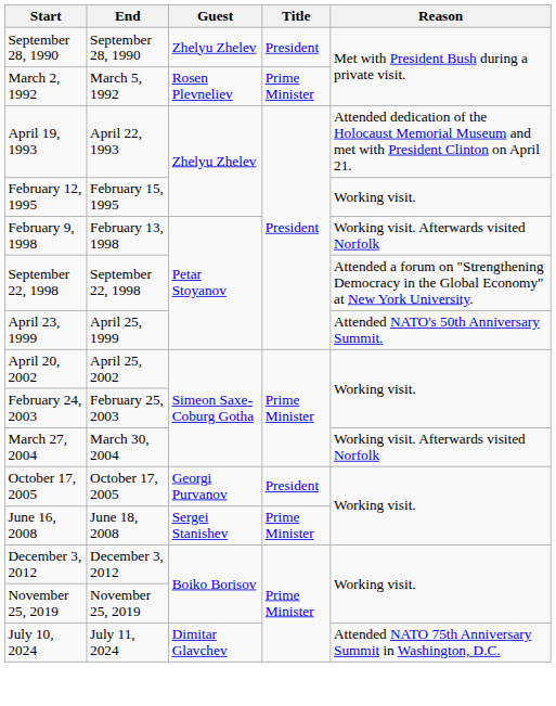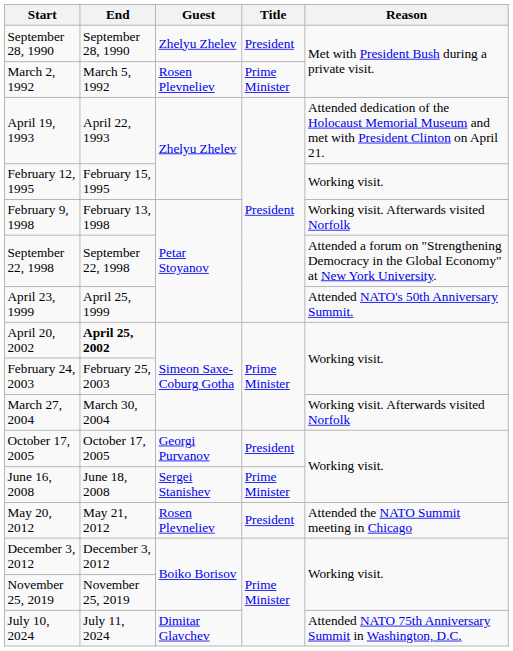 <table class="wikitable sortable">
 <tr>
 <th>Start</th>
 <th>End</th>
 <th>Guest</th>
 <th>Title</th>
 <th>Reason</th>
 </tr>
 <tr>
 <td>September 28, 1990</td>
 <td>September 28, 1990</td>
 <td><a href='#'>Zhelyu Zhelev</a></td>
 <td><a href='#'>President</a></td>
 <td rowspan=2>Met with <a href='#'>President Bush</a> during a private visit.</td>
 </tr>
 <tr>
 <td>March 2, 1992</td>
 <td>March 5, 1992</td>
 <td><a href='#'>Rosen Plevneliev</a></td>
 <td><a href='#'>Prime Minister</a></td>
 </tr>
 <tr>
 <td>April 19, 1993</td>
 <td>April 22, 1993</td>
 <td rowspan=2><a href='#'>Zhelyu Zhelev</a></td>
 <td rowspan=5><a href='#'>President</a></td>
 <td>Attended dedication of the <a href='#'>Holocaust Memorial Museum</a> and met with <a href='#'>President Clinton</a> on April 21.</td>
 </tr>
 <tr>
 <td>February 12, 1995</td>
 <td>February 15, 1995</td>
 <td>Working visit.</td>
 </tr>
 <tr>
 <td>February 9, 1998</td>
 <td>February 13, 1998</td>
 <td rowspan=3><a href='#'>Petar Stoyanov</a></td>
 <td>Working visit. Afterwards visited <a href='#'>Norfolk</a></td>
 </tr>
 <tr>
 <td>September 22, 1998</td>
 <td>September 22, 1998</td>
 <td>Attended a forum on "Strengthening Democracy in the Global Economy" at <a href='#'>New York University</a>.</td>
 </tr>
 <tr>
 <td>April 23, 1999</td>
 <td>April 25, 1999</td>
 <td>Attended <a href='#'>NATO's 50th Anniversary Summit.</a></td>
 </tr>
 <tr>
 <td>April 20, 2002</td>
-<td>April 25, 2002</td>
+<td><strong>April 25, 2002</strong></td>
 <td rowspan=3><a href='#'>Simeon Saxe-Coburg Gotha</a></td>
 <td rowspan=3><a href='#'>Prime Minister</a></td>
 <td rowspan=2>Working visit.</td>
 </tr>
 <tr>
 <td>February 24, 2003</td>
 <td>February 25, 2003</td>
 </tr>
 <tr>
 <td>March 27, 2004</td>
 <td>March 30, 2004</td>
 <td>Working visit. Afterwards visited <a href='#'>Norfolk</a></td>
 </tr>
 <tr>
 <td>October 17, 2005</td>
 <td>October 17, 2005</td>
 <td><a href='#'>Georgi Purvanov</a></td>
 <td><a href='#'>President</a></td>
 <td rowspan=2>Working visit.</td>
 </tr>
 <tr>
 <td>June 16, 2008</td>
 <td>June 18, 2008</td>
 <td><a href='#'>Sergei Stanishev</a></td>
 <td><a href='#'>Prime Minister</a></td>
 </tr>
 <tr>
+<td>May 20, 2012</td>
+<td>May 21, 2012</td>
+<td><a href='#'>Rosen Plevneliev</a></td>
+<td><a href='#'>President</a></td>
+<td>Attended the <a href='#'>NATO Summit</a> meeting in <a href='#'>Chicago</a></td>
+</tr>
+<tr>
 <td>December 3, 2012</td>
 <td>December 3, 2012</td>
 <td rowspan=2><a href='#'>Boiko Borisov</a></td>
 <td rowspan=3><a href='#'>Prime Minister</a></td>
 <td rowspan=2>Working visit.</td>
 </tr>
 <tr>
 <td>November 25, 2019</td>
 <td>November 25, 2019</td>
 </tr>
 <tr>
 <td>July 10, 2024</td>
 <td>July 11, 2024</td>
 <td><a href='#'>Dimitar Glavchev</a></td>
 <td>Attended <a href='#'>NATO 75th Anniversary Summit</a> in <a href='#'>Washington, D.C.</a></td>
 </tr>
 </table>
